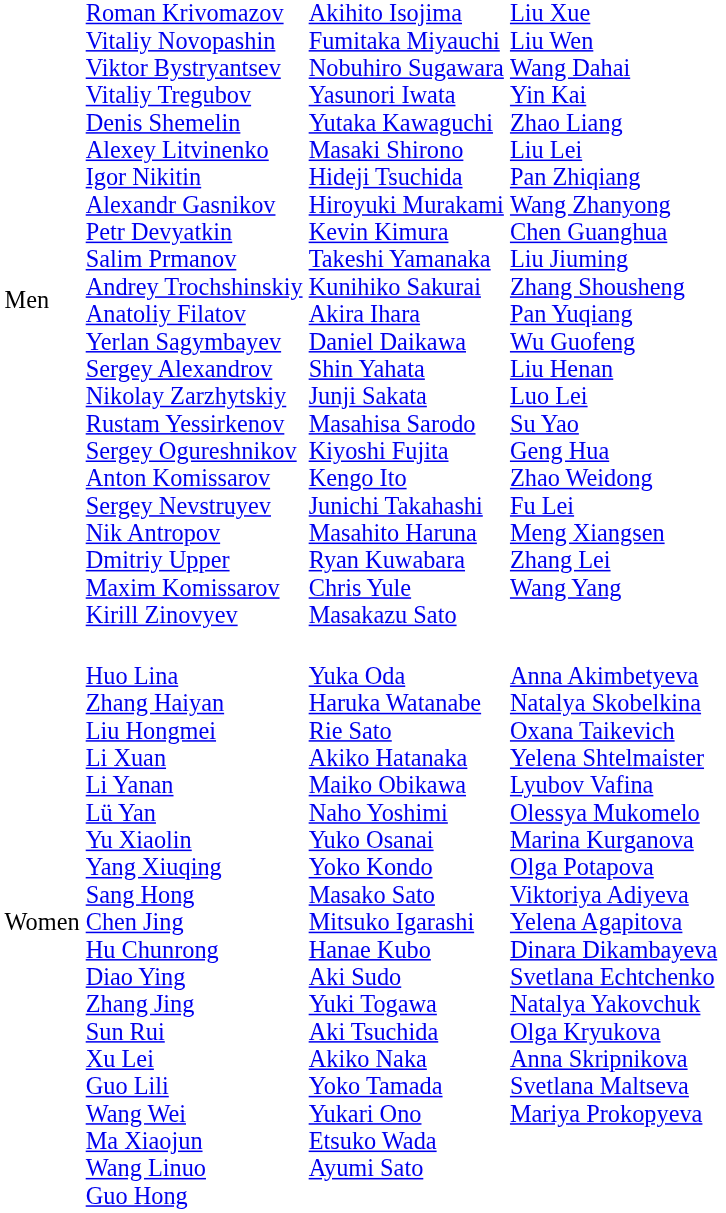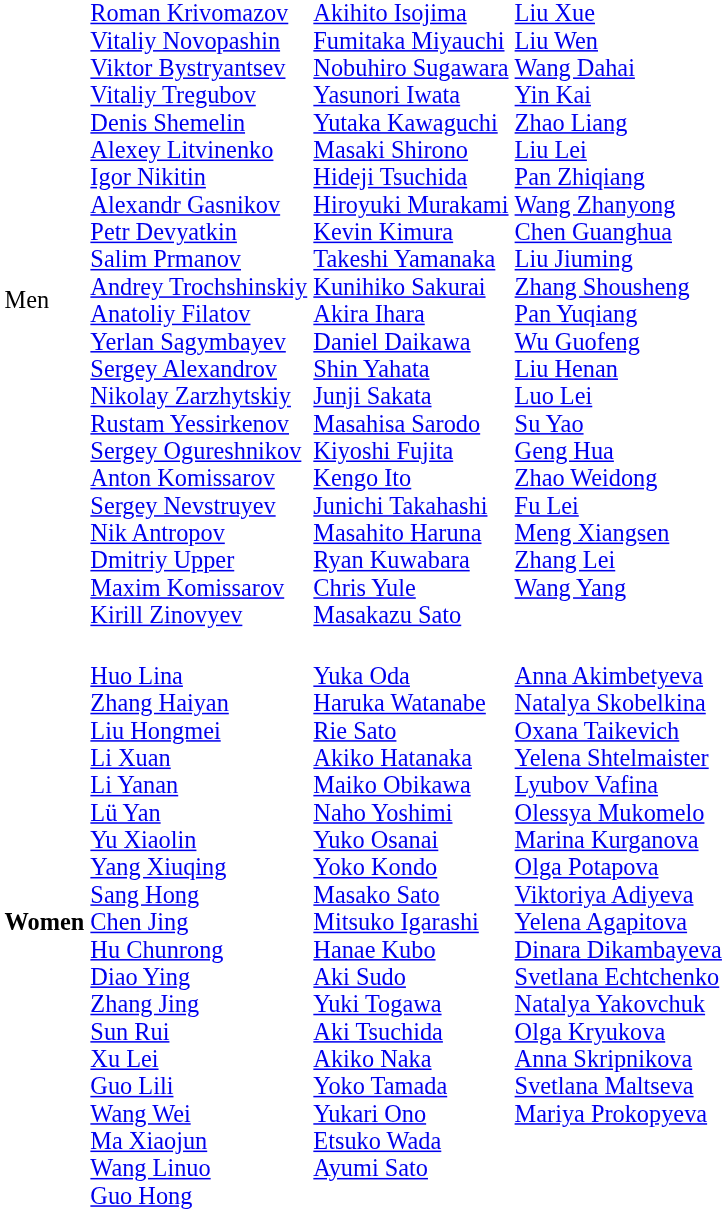 <table>
 <tr>
 <td>Men<br></td>
 <td><br><a href='#'>Roman Krivomazov</a><br><a href='#'>Vitaliy Novopashin</a><br><a href='#'>Viktor Bystryantsev</a><br><a href='#'>Vitaliy Tregubov</a><br><a href='#'>Denis Shemelin</a><br><a href='#'>Alexey Litvinenko</a><br><a href='#'>Igor Nikitin</a><br><a href='#'>Alexandr Gasnikov</a><br><a href='#'>Petr Devyatkin</a><br><a href='#'>Salim Prmanov</a><br><a href='#'>Andrey Trochshinskiy</a><br><a href='#'>Anatoliy Filatov</a><br><a href='#'>Yerlan Sagymbayev</a><br><a href='#'>Sergey Alexandrov</a><br><a href='#'>Nikolay Zarzhytskiy</a><br><a href='#'>Rustam Yessirkenov</a><br><a href='#'>Sergey Ogureshnikov</a><br><a href='#'>Anton Komissarov</a><br><a href='#'>Sergey Nevstruyev</a><br><a href='#'>Nik Antropov</a><br><a href='#'>Dmitriy Upper</a><br><a href='#'>Maxim Komissarov</a><br><a href='#'>Kirill Zinovyev</a></td>
 <td><br><a href='#'>Akihito Isojima</a><br><a href='#'>Fumitaka Miyauchi</a><br><a href='#'>Nobuhiro Sugawara</a><br><a href='#'>Yasunori Iwata</a><br><a href='#'>Yutaka Kawaguchi</a><br><a href='#'>Masaki Shirono</a><br><a href='#'>Hideji Tsuchida</a><br><a href='#'>Hiroyuki Murakami</a><br><a href='#'>Kevin Kimura</a><br><a href='#'>Takeshi Yamanaka</a><br><a href='#'>Kunihiko Sakurai</a><br><a href='#'>Akira Ihara</a><br><a href='#'>Daniel Daikawa</a><br><a href='#'>Shin Yahata</a><br><a href='#'>Junji Sakata</a><br><a href='#'>Masahisa Sarodo</a><br><a href='#'>Kiyoshi Fujita</a><br><a href='#'>Kengo Ito</a><br><a href='#'>Junichi Takahashi</a><br><a href='#'>Masahito Haruna</a><br><a href='#'>Ryan Kuwabara</a><br><a href='#'>Chris Yule</a><br><a href='#'>Masakazu Sato</a></td>
 <td valign=top><br><a href='#'>Liu Xue</a><br><a href='#'>Liu Wen</a><br><a href='#'>Wang Dahai</a><br><a href='#'>Yin Kai</a><br><a href='#'>Zhao Liang</a><br><a href='#'>Liu Lei</a><br><a href='#'>Pan Zhiqiang</a><br><a href='#'>Wang Zhanyong</a><br><a href='#'>Chen Guanghua</a><br><a href='#'>Liu Jiuming</a><br><a href='#'>Zhang Shousheng</a><br><a href='#'>Pan Yuqiang</a><br><a href='#'>Wu Guofeng</a><br><a href='#'>Liu Henan</a><br><a href='#'>Luo Lei</a><br><a href='#'>Su Yao</a><br><a href='#'>Geng Hua</a><br><a href='#'>Zhao Weidong</a><br><a href='#'>Fu Lei</a><br><a href='#'>Meng Xiangsen</a><br><a href='#'>Zhang Lei</a><br><a href='#'>Wang Yang</a></td>
 </tr>
 <tr>
-<td>Women<br></td>
+<td><strong>Women<br></strong></td>
 <td><br><a href='#'>Huo Lina</a><br><a href='#'>Zhang Haiyan</a><br><a href='#'>Liu Hongmei</a><br><a href='#'>Li Xuan</a><br><a href='#'>Li Yanan</a><br><a href='#'>Lü Yan</a><br><a href='#'>Yu Xiaolin</a><br><a href='#'>Yang Xiuqing</a><br><a href='#'>Sang Hong</a><br><a href='#'>Chen Jing</a><br><a href='#'>Hu Chunrong</a><br><a href='#'>Diao Ying</a><br><a href='#'>Zhang Jing</a><br><a href='#'>Sun Rui</a><br><a href='#'>Xu Lei</a><br><a href='#'>Guo Lili</a><br><a href='#'>Wang Wei</a><br><a href='#'>Ma Xiaojun</a><br><a href='#'>Wang Linuo</a><br><a href='#'>Guo Hong</a></td>
 <td valign=top><br><a href='#'>Yuka Oda</a><br><a href='#'>Haruka Watanabe</a><br><a href='#'>Rie Sato</a><br><a href='#'>Akiko Hatanaka</a><br><a href='#'>Maiko Obikawa</a><br><a href='#'>Naho Yoshimi</a><br><a href='#'>Yuko Osanai</a><br><a href='#'>Yoko Kondo</a><br><a href='#'>Masako Sato</a><br><a href='#'>Mitsuko Igarashi</a><br><a href='#'>Hanae Kubo</a><br><a href='#'>Aki Sudo</a><br><a href='#'>Yuki Togawa</a><br><a href='#'>Aki Tsuchida</a><br><a href='#'>Akiko Naka</a><br><a href='#'>Yoko Tamada</a><br><a href='#'>Yukari Ono</a><br><a href='#'>Etsuko Wada</a><br><a href='#'>Ayumi Sato</a></td>
 <td valign=top><br><a href='#'>Anna Akimbetyeva</a><br><a href='#'>Natalya Skobelkina</a><br><a href='#'>Oxana Taikevich</a><br><a href='#'>Yelena Shtelmaister</a><br><a href='#'>Lyubov Vafina</a><br><a href='#'>Olessya Mukomelo</a><br><a href='#'>Marina Kurganova</a><br><a href='#'>Olga Potapova</a><br><a href='#'>Viktoriya Adiyeva</a><br><a href='#'>Yelena Agapitova</a><br><a href='#'>Dinara Dikambayeva</a><br><a href='#'>Svetlana Echtchenko</a><br><a href='#'>Natalya Yakovchuk</a><br><a href='#'>Olga Kryukova</a><br><a href='#'>Anna Skripnikova</a><br><a href='#'>Svetlana Maltseva</a><br><a href='#'>Mariya Prokopyeva</a></td>
 </tr>
 </table>
